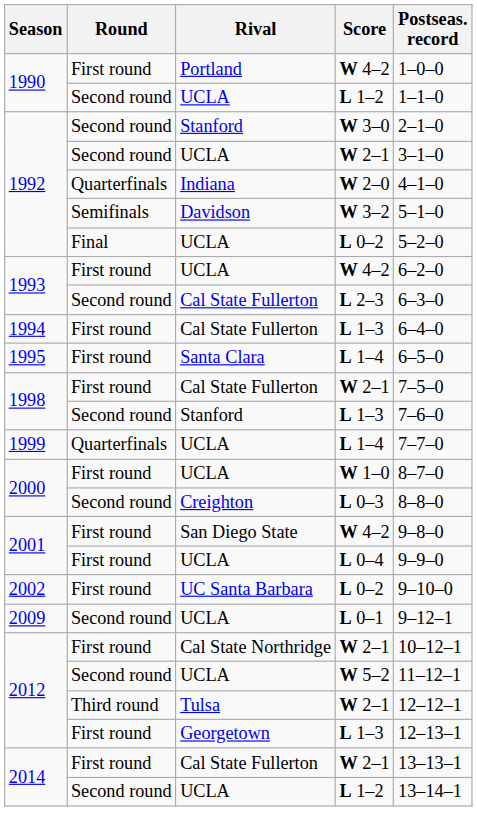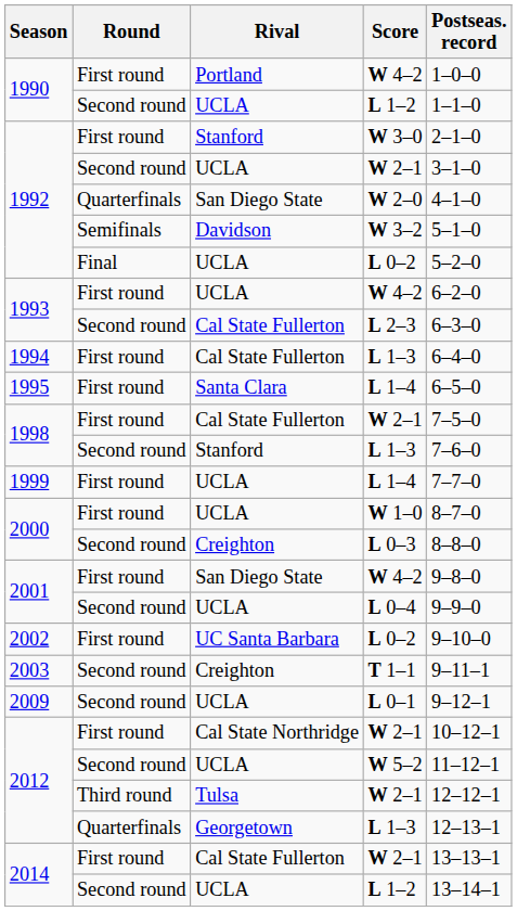 <table class="wikitable" style=" ">
 <tr>
 <th width=px>Season</th>
 <th width=px>Round</th>
 <th width=px>Rival</th>
 <th width=px>Score</th>
 <th width=px>Postseas.<br>record</th>
 </tr>
 <tr>
 <td rowspan="2"><a href='#'>1990</a></td>
 <td>First round</td>
 <td><a href='#'>Portland</a></td>
 <td><strong>W</strong> 4–2</td>
 <td>1–0–0</td>
 </tr>
 <tr>
 <td>Second round</td>
 <td><a href='#'>UCLA</a></td>
 <td><strong>L</strong> 1–2 </td>
 <td>1–1–0</td>
 </tr>
 <tr>
 <td rowspan="5"><a href='#'>1992</a></td>
-<td>Second round</td>
+<td>First round</td>
 <td><a href='#'>Stanford</a></td>
 <td><strong>W</strong> 3–0</td>
 <td>2–1–0</td>
 </tr>
 <tr>
 <td>Second round</td>
 <td>UCLA</td>
 <td><strong>W</strong> 2–1</td>
 <td>3–1–0</td>
 </tr>
 <tr>
 <td>Quarterfinals</td>
-<td><a href='#'>Indiana</a></td>
+<td>San Diego State</td>
 <td><strong>W</strong> 2–0</td>
 <td>4–1–0</td>
 </tr>
 <tr>
 <td>Semifinals</td>
 <td><a href='#'>Davidson</a></td>
 <td><strong>W</strong> 3–2 </td>
 <td>5–1–0</td>
 </tr>
 <tr>
 <td>Final</td>
 <td>UCLA</td>
 <td><strong>L</strong> 0–2</td>
 <td>5–2–0</td>
 </tr>
 <tr>
 <td rowspan="2"><a href='#'>1993</a></td>
 <td>First round</td>
 <td>UCLA</td>
 <td><strong>W</strong> 4–2 </td>
 <td>6–2–0</td>
 </tr>
 <tr>
 <td>Second round</td>
 <td><a href='#'>Cal State Fullerton</a></td>
 <td><strong>L</strong> 2–3 </td>
 <td>6–3–0</td>
 </tr>
 <tr>
 <td><a href='#'>1994</a></td>
 <td>First round</td>
 <td>Cal State Fullerton</td>
 <td><strong>L</strong> 1–3 </td>
 <td>6–4–0</td>
 </tr>
 <tr>
 <td><a href='#'>1995</a></td>
 <td>First round</td>
 <td><a href='#'>Santa Clara</a></td>
 <td><strong>L</strong> 1–4 </td>
 <td>6–5–0</td>
 </tr>
 <tr>
 <td rowspan="2"><a href='#'>1998</a></td>
 <td>First round</td>
 <td>Cal State Fullerton</td>
 <td><strong>W</strong> 2–1</td>
 <td>7–5–0</td>
 </tr>
 <tr>
 <td>Second round</td>
 <td>Stanford</td>
 <td><strong>L</strong> 1–3 </td>
 <td>7–6–0</td>
 </tr>
 <tr>
 <td><a href='#'>1999</a></td>
-<td>Quarterfinals</td>
+<td>First round</td>
 <td>UCLA</td>
 <td><strong>L</strong> 1–4</td>
 <td>7–7–0</td>
 </tr>
 <tr>
 <td rowspan="2"><a href='#'>2000</a></td>
 <td>First round</td>
 <td>UCLA</td>
 <td><strong>W</strong> 1–0 </td>
 <td>8–7–0</td>
 </tr>
 <tr>
 <td>Second round</td>
 <td><a href='#'>Creighton</a></td>
 <td><strong>L</strong> 0–3 </td>
 <td>8–8–0</td>
 </tr>
 <tr>
 <td rowspan="2"><a href='#'>2001</a></td>
 <td>First round</td>
 <td>San Diego State</td>
 <td><strong>W</strong> 4–2</td>
 <td>9–8–0</td>
 </tr>
 <tr>
-<td>First round</td>
+<td>Second round</td>
 <td>UCLA</td>
 <td><strong>L</strong> 0–4</td>
 <td>9–9–0</td>
 </tr>
 <tr>
 <td><a href='#'>2002</a></td>
 <td>First round</td>
 <td><a href='#'>UC Santa Barbara</a></td>
 <td><strong>L</strong> 0–2</td>
 <td>9–10–0</td>
+</tr>
+<tr>
+<td><a href='#'>2003</a></td>
+<td>Second round</td>
+<td>Creighton</td>
+<td><strong>T</strong> 1–1</td>
+<td>9–11–1</td>
 </tr>
 <tr>
 <td><a href='#'>2009</a></td>
 <td>Second round</td>
 <td>UCLA</td>
 <td><strong>L</strong> 0–1</td>
 <td>9–12–1</td>
 </tr>
 <tr>
 <td rowspan="4"><a href='#'>2012</a></td>
 <td>First round</td>
 <td>Cal State Northridge</td>
 <td><strong>W</strong> 2–1 </td>
 <td>10–12–1</td>
 </tr>
 <tr>
 <td>Second round</td>
 <td>UCLA</td>
 <td><strong>W</strong> 5–2</td>
 <td>11–12–1</td>
 </tr>
 <tr>
 <td>Third round</td>
 <td><a href='#'>Tulsa</a></td>
 <td><strong>W</strong> 2–1</td>
 <td>12–12–1</td>
 </tr>
 <tr>
-<td>First round</td>
+<td>Quarterfinals</td>
 <td><a href='#'>Georgetown</a></td>
 <td><strong>L</strong> 1–3</td>
 <td>12–13–1</td>
 </tr>
 <tr>
 <td rowspan="2"><a href='#'>2014</a></td>
 <td>First round</td>
 <td>Cal State Fullerton</td>
 <td><strong>W</strong> 2–1 </td>
 <td>13–13–1</td>
 </tr>
 <tr>
 <td>Second round</td>
 <td>UCLA</td>
 <td><strong>L</strong> 1–2 </td>
 <td>13–14–1</td>
 </tr>
 </table>
